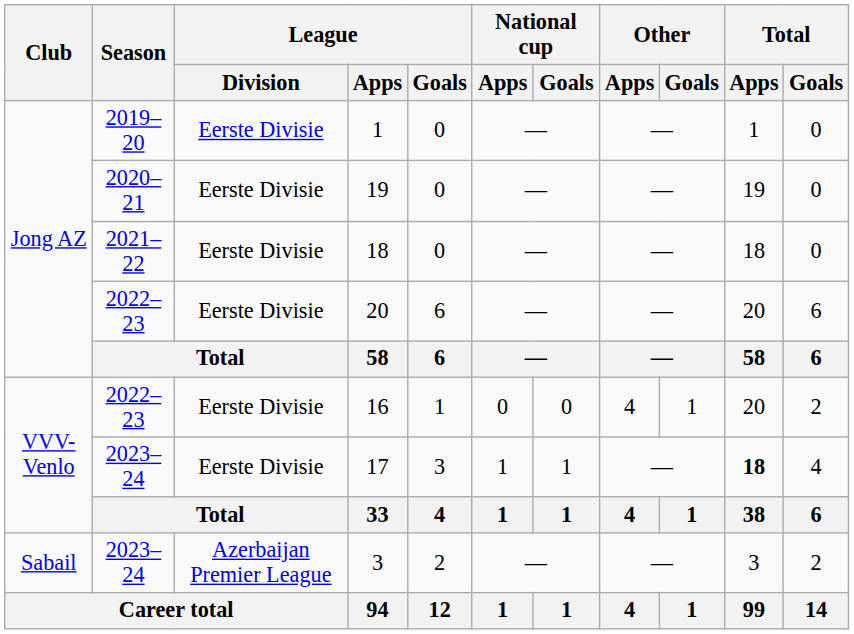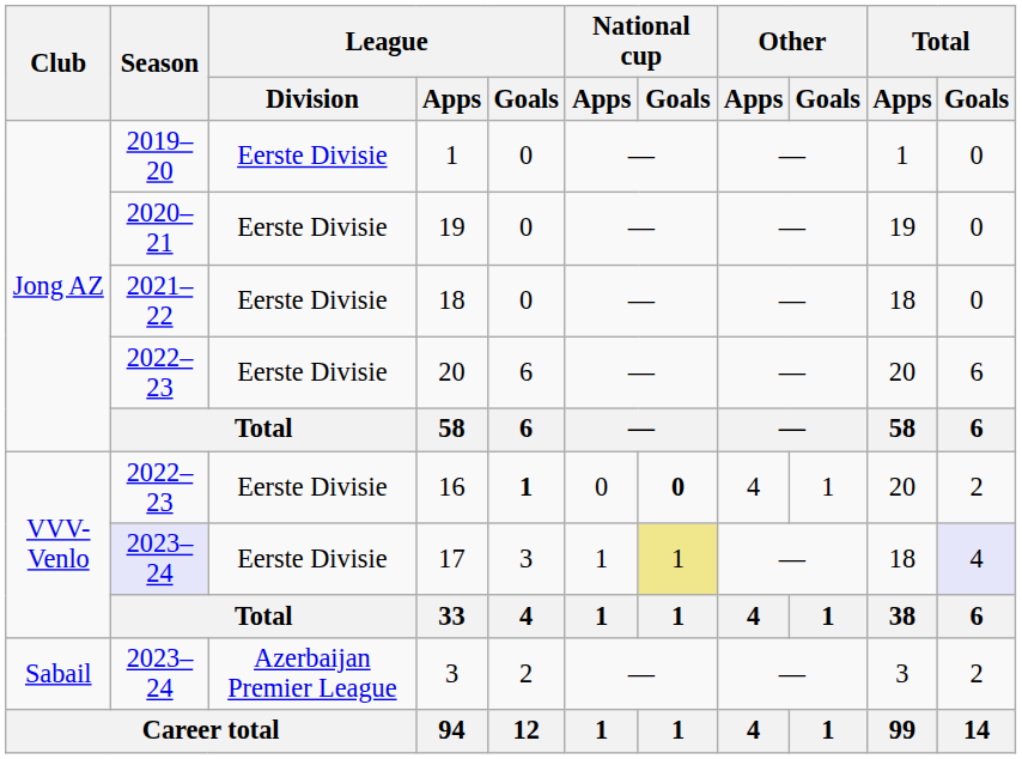 <table class="wikitable" style="text-align:center">
 <tr>
 <th rowspan="2">Club</th>
 <th rowspan="2">Season</th>
 <th colspan="3">League</th>
 <th colspan="2">National cup</th>
 <th colspan="2">Other</th>
 <th colspan="2">Total</th>
 </tr>
 <tr>
 <th>Division</th>
 <th>Apps</th>
 <th>Goals</th>
 <th>Apps</th>
 <th>Goals</th>
 <th>Apps</th>
 <th>Goals</th>
 <th>Apps</th>
 <th>Goals</th>
 </tr>
 <tr>
 <td rowspan="5"><a href='#'>Jong AZ</a></td>
 <td><a href='#'>2019–20</a></td>
 <td><a href='#'>Eerste Divisie</a></td>
 <td>1</td>
 <td>0</td>
 <td colspan="2">—</td>
 <td colspan="2">—</td>
 <td>1</td>
 <td>0</td>
 </tr>
 <tr>
 <td><a href='#'>2020–21</a></td>
 <td>Eerste Divisie</td>
 <td>19</td>
 <td>0</td>
 <td colspan="2">—</td>
 <td colspan="2">—</td>
 <td>19</td>
 <td>0</td>
 </tr>
 <tr>
 <td><a href='#'>2021–22</a></td>
 <td>Eerste Divisie</td>
 <td>18</td>
 <td>0</td>
 <td colspan="2">—</td>
 <td colspan="2">—</td>
 <td>18</td>
 <td>0</td>
 </tr>
 <tr>
 <td><a href='#'>2022–23</a></td>
 <td>Eerste Divisie</td>
 <td>20</td>
 <td>6</td>
 <td colspan="2">—</td>
 <td colspan="2">—</td>
 <td>20</td>
 <td>6</td>
 </tr>
 <tr>
 <th colspan="2">Total</th>
 <th>58</th>
 <th>6</th>
 <th colspan="2">—</th>
 <th colspan="2">—</th>
 <th>58</th>
 <th>6</th>
 </tr>
 <tr>
 <td rowspan="3"><a href='#'>VVV-Venlo</a></td>
 <td><a href='#'>2022–23</a></td>
 <td>Eerste Divisie</td>
 <td>16</td>
-<td>1</td>
+<td><strong>1</strong></td>
 <td>0</td>
-<td>0</td>
+<td><strong>0</strong></td>
 <td>4</td>
 <td>1</td>
 <td>20</td>
 <td>2</td>
 </tr>
 <tr>
-<td><a href='#'>2023–24</a></td>
+<td style="background: lavender;"><a href='#'>2023–24</a></td>
 <td>Eerste Divisie</td>
 <td>17</td>
 <td>3</td>
 <td>1</td>
-<td>1</td>
+<td style="background: khaki;">1</td>
 <td colspan="2">—</td>
-<td><strong>18</strong></td>
-<td>4</td>
+<td>18</td>
+<td style="background: lavender;">4</td>
 </tr>
 <tr>
 <th colspan="2">Total</th>
 <th>33</th>
 <th>4</th>
 <th>1</th>
 <th>1</th>
 <th>4</th>
 <th>1</th>
 <th>38</th>
 <th>6</th>
 </tr>
 <tr>
 <td rowspan="1"><a href='#'>Sabail</a></td>
 <td><a href='#'>2023–24</a></td>
 <td><a href='#'>Azerbaijan Premier League</a></td>
 <td>3</td>
 <td>2</td>
 <td colspan="2">—</td>
 <td colspan="2">—</td>
 <td>3</td>
 <td>2</td>
 </tr>
 <tr>
 <th colspan="3">Career total</th>
 <th>94</th>
 <th>12</th>
 <th>1</th>
 <th>1</th>
 <th>4</th>
 <th>1</th>
 <th>99</th>
 <th>14</th>
 </tr>
 </table>
